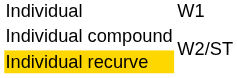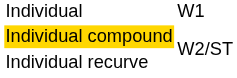 <table>
 <tr>
 <td>Individual</td>
 <td>W1</td>
 <td></td>
 <td></td>
 <td></td>
 </tr>
 <tr>
-<td>Individual compound</td>
+<td style="background: gold;">Individual compound</td>
 <td rowspan=2>W2/ST</td>
 <td></td>
 <td></td>
 <td></td>
 </tr>
 <tr>
-<td style="background: gold;">Individual recurve</td>
+<td>Individual recurve</td>
 <td></td>
 <td></td>
 <td></td>
 </tr>
 </table>
